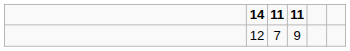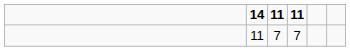 <table class="wikitable">
 <tr>
 <td style="width:18em"></td>
 <td align=center style="width:1em"><strong>14</strong></td>
 <td align=center style="width:1em"><strong>11</strong></td>
 <td align=center style="width:1em"><strong>11</strong></td>
 <td align=center style="width:1em"></td>
 <td align=center style="width:1em"></td>
 </tr>
 <tr>
 <td style="width:18em"></td>
-<td align=center style="width:1em">12</td>
+<td align=center style="width:1em">11</td>
 <td align=center style="width:1em">7</td>
-<td align=center style="width:1em">9</td>
+<td align=center style="width:1em">7</td>
 <td align=center style="width:1em"></td>
 <td align=center style="width:1em"></td>
 </tr>
 </table>
